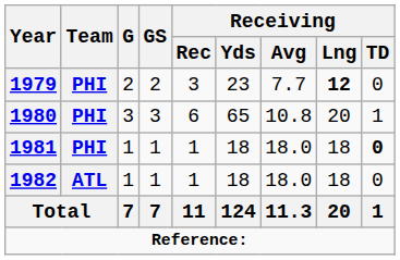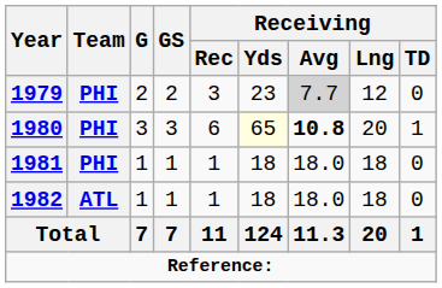 <table class="wikitable" style="text-align: center;">
 <tr>
 <th rowspan="2">Year</th>
 <th rowspan="2">Team</th>
 <th rowspan="2">G</th>
 <th rowspan="2">GS</th>
 <th colspan="5">Receiving</th>
 </tr>
 <tr>
 <th>Rec</th>
 <th>Yds</th>
 <th>Avg</th>
 <th>Lng</th>
 <th>TD</th>
 </tr>
 <tr>
 <th><a href='#'>1979</a></th>
 <th><a href='#'>PHI</a></th>
 <td>2</td>
 <td>2</td>
 <td>3</td>
 <td>23</td>
-<td>7.7</td>
-<td><strong>12</strong></td>
+<td style="background: lightgrey;">7.7</td>
+<td>12</td>
 <td>0</td>
 </tr>
 <tr>
 <th><a href='#'>1980</a></th>
 <th><a href='#'>PHI</a></th>
 <td>3</td>
 <td>3</td>
 <td>6</td>
-<td>65</td>
-<td>10.8</td>
+<td style="background: lightyellow;">65</td>
+<td><strong>10.8</strong></td>
 <td>20</td>
 <td>1</td>
 </tr>
 <tr>
 <th><a href='#'>1981</a></th>
 <th><a href='#'>PHI</a></th>
 <td>1</td>
 <td>1</td>
 <td>1</td>
 <td>18</td>
 <td>18.0</td>
 <td>18</td>
-<td><strong>0</strong></td>
+<td>0</td>
 </tr>
 <tr>
 <th><a href='#'>1982</a></th>
 <th><a href='#'>ATL</a></th>
 <td>1</td>
 <td>1</td>
 <td>1</td>
 <td>18</td>
 <td>18.0</td>
 <td>18</td>
 <td>0</td>
 </tr>
 <tr>
 <th colspan="2">Total</th>
 <th>7</th>
 <th>7</th>
 <th>11</th>
 <th>124</th>
 <th>11.3</th>
 <th>20</th>
 <th>1</th>
 </tr>
 <tr>
 <td colspan="9"  style="font-size:8pt; text-align:center;"><strong>Reference:</strong></td>
 </tr>
 </table>
